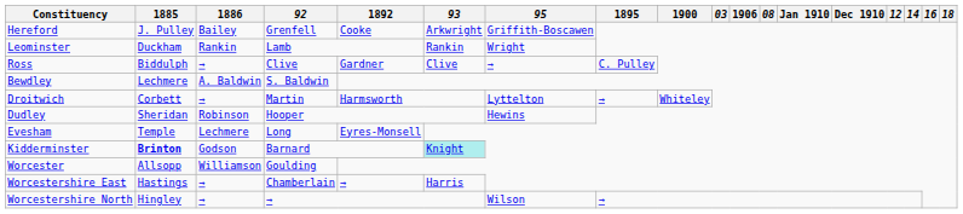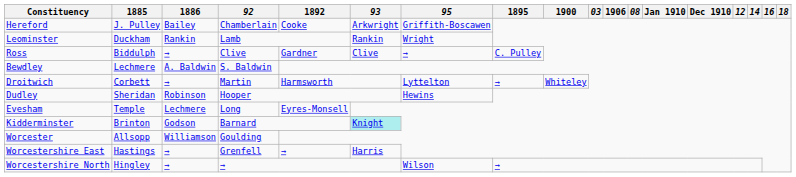 <table class="wikitable">
 <tr>
 <th>Constituency</th>
 <th>1885</th>
 <th>1886</th>
 <th><em>92</em></th>
 <th>1892</th>
 <th><em>93</em></th>
 <th><em>95</em></th>
 <th>1895</th>
 <th>1900</th>
 <th><em>03</em></th>
 <th>1906</th>
 <th><em>08</em></th>
 <th>Jan 1910</th>
 <th>Dec 1910</th>
 <th><em>12</em></th>
 <th><em>14</em></th>
 <th><em>16</em></th>
 <th><em>18</em></th>
 </tr>
 <tr>
 <td><a href='#'>Hereford</a></td>
 <td bgcolor=><a href='#'>J. Pulley</a></td>
 <td><a href='#'>Bailey</a></td>
-<td bgcolor=><a href='#'>Grenfell</a></td>
+<td><a href='#'>Chamberlain</a></td>
 <td><a href='#'>Cooke</a></td>
 <td><a href='#'>Arkwright</a></td>
 <td><a href='#'>Griffith-Boscawen</a></td>
 </tr>
 <tr>
 <td><a href='#'>Leominster</a></td>
 <td bgcolor=><a href='#'>Duckham</a></td>
 <td><a href='#'>Rankin</a></td>
 <td colspan="2"><a href='#'>Lamb</a></td>
 <td><a href='#'>Rankin</a></td>
 <td><a href='#'>Wright</a></td>
 </tr>
 <tr>
 <td><a href='#'>Ross</a></td>
 <td bgcolor=><a href='#'>Biddulph</a></td>
 <td><a href='#'>→</a></td>
 <td><a href='#'>Clive</a></td>
 <td><a href='#'>Gardner</a></td>
 <td><a href='#'>Clive</a></td>
 <td><a href='#'>→</a></td>
 <td><a href='#'>C. Pulley</a></td>
 </tr>
 <tr>
 <td><a href='#'>Bewdley</a></td>
 <td><a href='#'>Lechmere</a></td>
 <td><a href='#'>A. Baldwin</a></td>
 <td><a href='#'>S. Baldwin</a></td>
 </tr>
 <tr>
 <td><a href='#'>Droitwich</a></td>
 <td bgcolor=><a href='#'>Corbett</a></td>
 <td><a href='#'>→</a></td>
 <td><a href='#'>Martin</a></td>
 <td colspan="2"><a href='#'>Harmsworth</a></td>
 <td><a href='#'>Lyttelton</a></td>
 <td><a href='#'>→</a></td>
 <td><a href='#'>Whiteley</a></td>
 </tr>
 <tr>
 <td><a href='#'>Dudley</a></td>
 <td bgcolor=><a href='#'>Sheridan</a></td>
 <td><a href='#'>Robinson</a></td>
 <td colspan="3"><a href='#'>Hooper</a></td>
 <td><a href='#'>Hewins</a></td>
 </tr>
 <tr>
 <td><a href='#'>Evesham</a></td>
 <td><a href='#'>Temple</a></td>
 <td><a href='#'>Lechmere</a></td>
 <td><a href='#'>Long</a></td>
 <td><a href='#'>Eyres-Monsell</a></td>
 </tr>
 <tr>
 <td><a href='#'>Kidderminster</a></td>
-<td bgcolor=><strong><a href='#'>Brinton</a></strong></td>
+<td bgcolor=><a href='#'>Brinton</a></td>
 <td><a href='#'>Godson</a></td>
 <td colspan="2"><a href='#'>Barnard</a></td>
 <td style="background: paleturquoise;"><a href='#'>Knight</a></td>
 </tr>
 <tr>
 <td><a href='#'>Worcester</a></td>
 <td><a href='#'>Allsopp</a></td>
 <td><a href='#'>Williamson</a></td>
 <td><a href='#'>Goulding</a></td>
 </tr>
 <tr>
 <td><a href='#'>Worcestershire East</a></td>
 <td bgcolor=><a href='#'>Hastings</a></td>
 <td><a href='#'>→</a></td>
-<td><a href='#'>Chamberlain</a></td>
+<td bgcolor=><a href='#'>Grenfell</a></td>
 <td><a href='#'>→</a></td>
 <td><a href='#'>Harris</a></td>
 </tr>
 <tr>
 <td><a href='#'>Worcestershire North</a></td>
 <td bgcolor=><a href='#'>Hingley</a></td>
 <td><a href='#'>→</a></td>
 <td colspan="3"><a href='#'>→</a></td>
 <td><a href='#'>Wilson</a></td>
 <td colspan="9" bgcolor=><a href='#'>→</a></td>
 </tr>
 </table>
